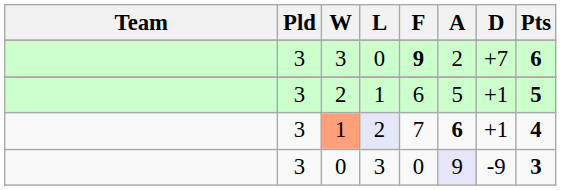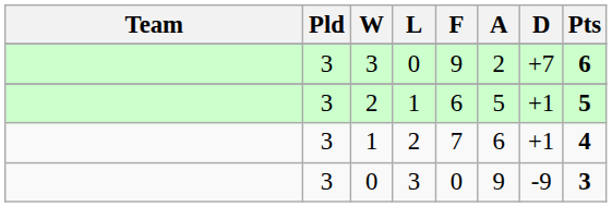 <table class=wikitable style="text-align:center">
 <tr>
 <th width=185>Team</th>
 <th width=20>Pld</th>
 <th width=20>W</th>
 <th width=20>L</th>
 <th width=20>F</th>
 <th width=20>A</th>
 <th width=20>D</th>
 <th width=20>Pts</th>
 </tr>
 <tr>
 </tr>
 <tr style="background: #ccffcc;">
 <td align="left"></td>
 <td>3</td>
 <td>3</td>
 <td>0</td>
-<td><strong>9</strong></td>
+<td>9</td>
 <td>2</td>
 <td>+7</td>
 <td><strong>6</strong></td>
 </tr>
 <tr>
 </tr>
 <tr style="background: #ccffcc;">
 <td align="left"></td>
 <td>3</td>
 <td>2</td>
 <td>1</td>
 <td>6</td>
 <td>5</td>
 <td>+1</td>
 <td><strong>5</strong></td>
 </tr>
 <tr>
 <td align="left"></td>
 <td>3</td>
-<td style="background: lightsalmon;">1</td>
-<td style="background: lavender;">2</td>
+<td>1</td>
+<td>2</td>
 <td>7</td>
-<td><strong>6</strong></td>
+<td>6</td>
 <td>+1</td>
 <td><strong>4</strong></td>
 </tr>
 <tr>
 <td align="left"></td>
 <td>3</td>
 <td>0</td>
 <td>3</td>
 <td>0</td>
-<td style="background: lavender;">9</td>
+<td>9</td>
 <td>-9</td>
 <td><strong>3</strong></td>
 </tr>
 </table>
